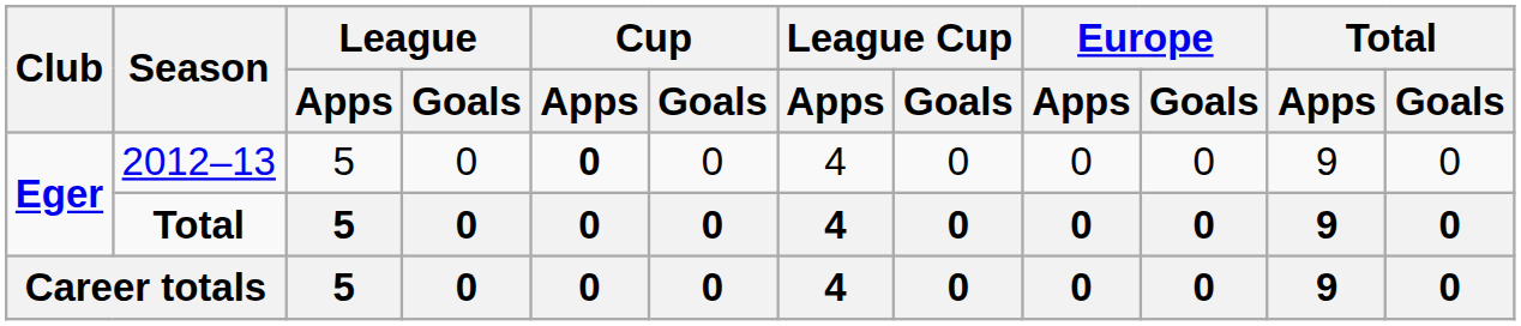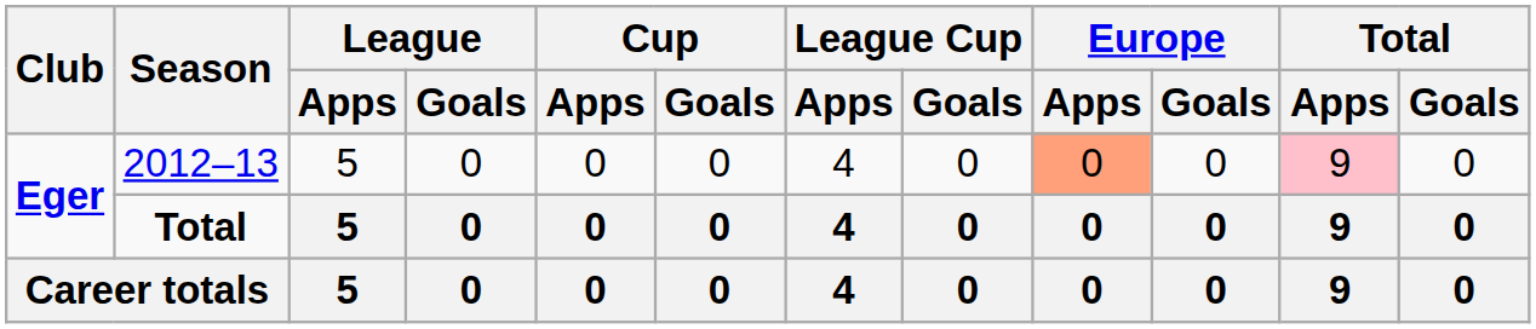 <table class="wikitable" style="font-size:90%; text-align: center;">
 <tr>
 <th rowspan="2">Club</th>
 <th rowspan="2">Season</th>
 <th colspan="2">League</th>
 <th colspan="2">Cup</th>
 <th colspan="2">League Cup</th>
 <th colspan="2"><a href='#'>Europe</a></th>
 <th colspan="2">Total</th>
 </tr>
 <tr>
 <th>Apps</th>
 <th>Goals</th>
 <th>Apps</th>
 <th>Goals</th>
 <th>Apps</th>
 <th>Goals</th>
 <th>Apps</th>
 <th>Goals</th>
 <th>Apps</th>
 <th>Goals</th>
 </tr>
 <tr>
 <td rowspan="2" align=center valign=center><strong><a href='#'>Eger</a></strong></td>
 <td !colspan="2"><a href='#'>2012–13</a></td>
 <td>5</td>
 <td>0</td>
-<td><strong>0</strong></td>
+<td>0</td>
 <td>0</td>
 <td>4</td>
 <td>0</td>
+<td style="background: lightsalmon;">0</td>
 <td>0</td>
-<td>0</td>
-<td>9</td>
+<td style="background: pink;">9</td>
 <td>0</td>
 </tr>
 <tr>
 <td !colspan="2"><strong>Total</strong></td>
 <th>5</th>
 <th>0</th>
 <th>0</th>
 <th>0</th>
 <th>4</th>
 <th>0</th>
 <th>0</th>
 <th>0</th>
 <th>9</th>
 <th>0</th>
 </tr>
 <tr>
 <th colspan="2">Career totals</th>
 <th>5</th>
 <th>0</th>
 <th>0</th>
 <th>0</th>
 <th>4</th>
 <th>0</th>
 <th>0</th>
 <th>0</th>
 <th>9</th>
 <th>0</th>
 </tr>
 </table>
